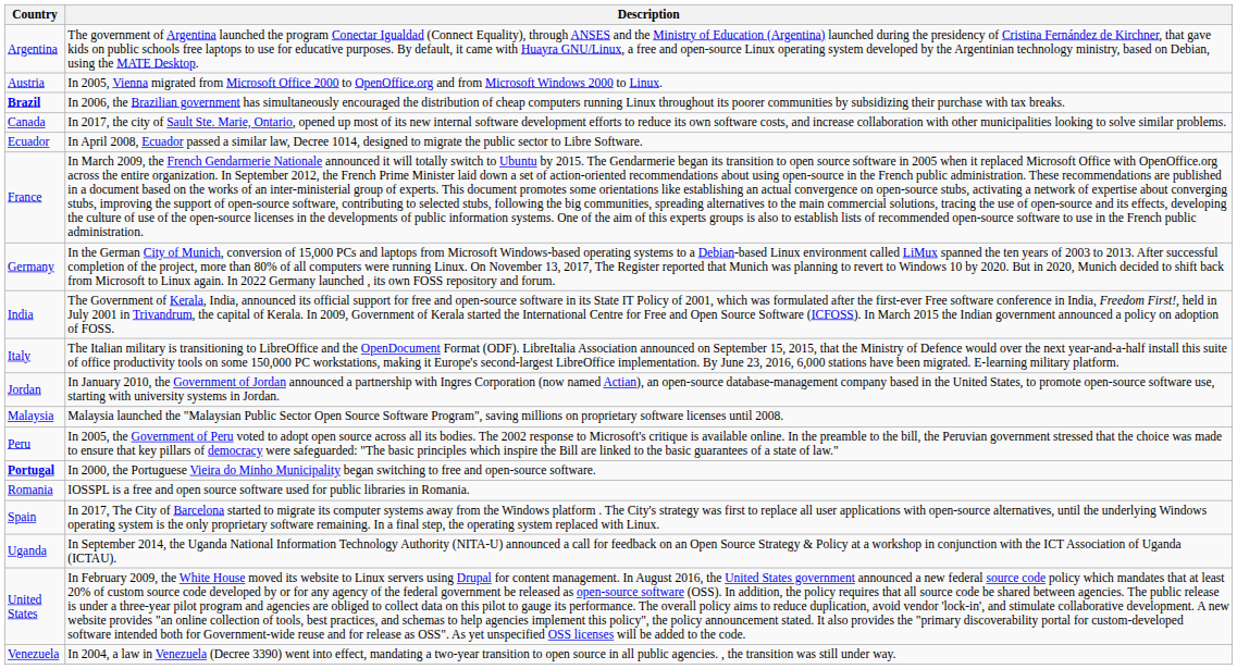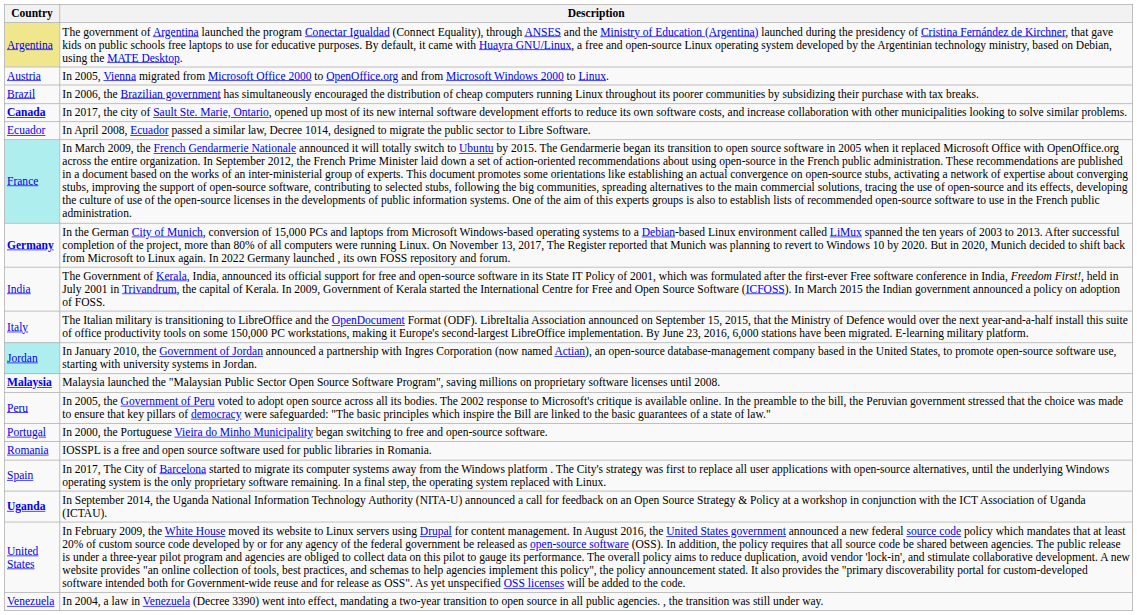 <table class="wikitable">
 <tr>
 <th>Country</th>
 <th>Description</th>
 </tr>
 <tr>
-<td><a href='#'>Argentina</a></td>
+<td style="background: khaki;"><a href='#'>Argentina</a></td>
 <td>The government of <a href='#'>Argentina</a> launched the program <a href='#'>Conectar Igualdad</a> (Connect Equality), through <a href='#'>ANSES</a> and the <a href='#'>Ministry of Education (Argentina)</a> launched during the presidency of <a href='#'>Cristina Fernández de Kirchner</a>, that gave kids on public schools free laptops to use for educative purposes. By default, it came with <a href='#'>Huayra GNU/Linux</a>, a free and open-source Linux operating system developed by the Argentinian technology ministry, based on Debian, using the <a href='#'>MATE Desktop</a>.</td>
 </tr>
 <tr>
 <td><a href='#'>Austria</a></td>
 <td>In 2005, <a href='#'>Vienna</a> migrated from <a href='#'>Microsoft Office 2000</a> to <a href='#'>OpenOffice.org</a> and from <a href='#'>Microsoft Windows 2000</a> to <a href='#'>Linux</a>.</td>
 </tr>
 <tr>
-<td><strong><a href='#'>Brazil</a></strong></td>
+<td><a href='#'>Brazil</a></td>
 <td>In 2006, the <a href='#'>Brazilian government</a> has simultaneously encouraged the distribution of cheap computers running Linux throughout its poorer communities by subsidizing their purchase with tax breaks.</td>
 </tr>
 <tr>
-<td><a href='#'>Canada</a></td>
+<td><strong><a href='#'>Canada</a></strong></td>
 <td>In 2017, the city of <a href='#'>Sault Ste. Marie, Ontario</a>, opened up most of its new internal software development efforts to reduce its own software costs, and increase collaboration with other municipalities looking to solve similar problems.</td>
 </tr>
 <tr>
 <td><a href='#'>Ecuador</a></td>
 <td>In April 2008, <a href='#'>Ecuador</a> passed a similar law, Decree 1014, designed to migrate the public sector to Libre Software.</td>
 </tr>
 <tr>
-<td><a href='#'>France</a></td>
+<td style="background: paleturquoise;"><a href='#'>France</a></td>
 <td>In March 2009, the <a href='#'>French Gendarmerie Nationale</a> announced it will totally switch to <a href='#'>Ubuntu</a> by 2015. The Gendarmerie began its transition to open source software in 2005 when it replaced Microsoft Office with OpenOffice.org across the entire organization. In September 2012, the French Prime Minister laid down a set of action-oriented recommendations about using open-source in the French public administration. These recommendations are published in a document based on the works of an inter-ministerial group of experts. This document promotes some orientations like establishing an actual convergence on open-source stubs, activating a network of expertise about converging stubs, improving the support of open-source software, contributing to selected stubs, following the big communities, spreading alternatives to the main commercial solutions, tracing the use of open-source and its effects, developing the culture of use of the open-source licenses in the developments of public information systems. One of the aim of this experts groups is also to establish lists of recommended open-source software to use in the French public administration.</td>
 </tr>
 <tr>
-<td><a href='#'>Germany</a></td>
+<td><strong><a href='#'>Germany</a></strong></td>
 <td>In the German <a href='#'>City of Munich</a>, conversion of 15,000 PCs and laptops from Microsoft Windows-based operating systems to a <a href='#'>Debian</a>-based Linux environment called <a href='#'>LiMux</a> spanned the ten years of 2003 to 2013. After successful completion of the project, more than 80% of all computers were running Linux. On November 13, 2017, The Register reported that Munich was planning to revert to Windows 10 by 2020. But in 2020, Munich decided to shift back from Microsoft to Linux again. In 2022 Germany launched , its own FOSS repository and forum.</td>
 </tr>
 <tr>
 <td><a href='#'>India</a></td>
 <td>The Government of <a href='#'>Kerala</a>, India, announced its official support for free and open-source software in its State IT Policy of 2001, which was formulated after the first-ever Free software conference in India, <em>Freedom First!</em>, held in July 2001 in <a href='#'>Trivandrum</a>, the capital of Kerala. In 2009, Government of Kerala started the International Centre for Free and Open Source Software (<a href='#'>ICFOSS</a>). In March 2015 the Indian government announced a policy on adoption of FOSS.</td>
 </tr>
 <tr>
 <td><a href='#'>Italy</a></td>
 <td>The Italian military is transitioning to LibreOffice and the <a href='#'>OpenDocument</a> Format (ODF). LibreItalia Association announced on September 15, 2015, that the Ministry of Defence would over the next year-and-a-half install this suite of office productivity tools on some 150,000 PC workstations, making it Europe's second-largest LibreOffice implementation. By June 23, 2016, 6,000 stations have been migrated. E-learning military platform.</td>
 </tr>
 <tr>
-<td><a href='#'>Jordan</a></td>
+<td style="background: paleturquoise;"><a href='#'>Jordan</a></td>
 <td>In January 2010, the <a href='#'>Government of Jordan</a> announced a partnership with Ingres Corporation (now named <a href='#'>Actian</a>), an open-source database-management company based in the United States, to promote open-source software use, starting with university systems in Jordan.</td>
 </tr>
 <tr>
-<td><a href='#'>Malaysia</a></td>
+<td><strong><a href='#'>Malaysia</a></strong></td>
 <td>Malaysia launched the "Malaysian Public Sector Open Source Software Program", saving millions on proprietary software licenses until 2008.</td>
 </tr>
 <tr>
 <td><a href='#'>Peru</a></td>
 <td>In 2005, the <a href='#'>Government of Peru</a> voted to adopt open source across all its bodies. The 2002 response to Microsoft's critique is available online. In the preamble to the bill, the Peruvian government stressed that the choice was made to ensure that key pillars of <a href='#'>democracy</a> were safeguarded: "The basic principles which inspire the Bill are linked to the basic guarantees of a state of law."</td>
 </tr>
 <tr>
-<td><strong><a href='#'>Portugal</a></strong></td>
+<td><a href='#'>Portugal</a></td>
 <td>In 2000, the Portuguese <a href='#'>Vieira do Minho Municipality</a> began switching to free and open-source software.</td>
 </tr>
 <tr>
 <td><a href='#'>Romania</a></td>
 <td>IOSSPL is a free and open source software used for public libraries in Romania.</td>
 </tr>
 <tr>
 <td><a href='#'>Spain</a></td>
 <td>In 2017, The City of <a href='#'>Barcelona</a> started to migrate its computer systems away from the Windows platform . The City's strategy was first to replace all user applications with open-source alternatives, until the underlying Windows operating system is the only proprietary software remaining. In a final step, the operating system replaced with Linux.</td>
 </tr>
 <tr>
-<td><a href='#'>Uganda</a></td>
+<td><strong><a href='#'>Uganda</a></strong></td>
 <td>In September 2014, the Uganda National Information Technology Authority (NITA-U) announced a call for feedback on an Open Source Strategy & Policy at a workshop in conjunction with the ICT Association of Uganda (ICTAU).</td>
 </tr>
 <tr>
 <td><a href='#'>United States</a></td>
 <td>In February 2009, the <a href='#'>White House</a> moved its website to Linux servers using <a href='#'>Drupal</a> for content management. In August 2016, the <a href='#'>United States government</a> announced a new federal <a href='#'>source code</a> policy which mandates that at least 20% of custom source code developed by or for any agency of the federal government be released as <a href='#'>open-source software</a> (OSS). In addition, the policy requires that all source code be shared between agencies. The public release is under a three-year pilot program and agencies are obliged to collect data on this pilot to gauge its performance. The overall policy aims to reduce duplication, avoid vendor 'lock-in', and stimulate collaborative development. A new website  provides "an online collection of tools, best practices, and schemas to help agencies implement this policy", the policy announcement stated. It also provides the "primary discoverability portal for custom-developed software intended both for Government-wide reuse and for release as OSS". As yet unspecified <a href='#'>OSS licenses</a> will be added to the code.</td>
 </tr>
 <tr>
 <td><a href='#'>Venezuela</a></td>
 <td>In 2004, a law in <a href='#'>Venezuela</a> (Decree 3390) went into effect, mandating a two-year transition to open source in all public agencies. , the transition was still under way.</td>
 </tr>
 </table>
